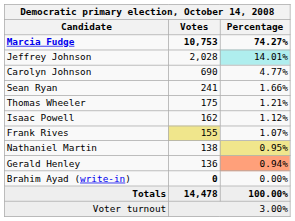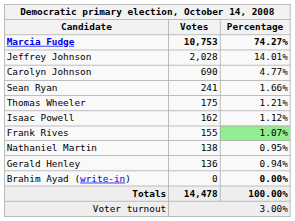 <table class="wikitable" style="font-size:95%;">
 <tr>
 <th colspan="3">Democratic primary election, October 14, 2008</th>
 </tr>
 <tr>
 <th style="width: 17em">Candidate</th>
 <th style="width: 5em">Votes</th>
 <th style="width: 7em">Percentage</th>
 </tr>
 <tr>
 <td><strong><a href='#'>Marcia Fudge</a></strong></td>
 <td align="right"><strong>10,753</strong></td>
 <td align="right"><strong>74.27%</strong></td>
 </tr>
 <tr>
 <td>Jeffrey Johnson</td>
 <td align="right">2,028</td>
-<td align="right" style="background: paleturquoise;">14.01%</td>
+<td align="right">14.01%</td>
 </tr>
 <tr>
 <td>Carolyn Johnson</td>
 <td align="right">690</td>
 <td align="right">4.77%</td>
 </tr>
 <tr>
 <td>Sean Ryan</td>
 <td align="right">241</td>
 <td align="right">1.66%</td>
 </tr>
 <tr>
 <td>Thomas Wheeler</td>
 <td align="right">175</td>
 <td align="right">1.21%</td>
 </tr>
 <tr>
 <td>Isaac Powell</td>
 <td align="right">162</td>
 <td align="right">1.12%</td>
 </tr>
 <tr>
 <td>Frank Rives</td>
-<td align="right" style="background: khaki;">155</td>
-<td align="right">1.07%</td>
+<td align="right">155</td>
+<td align="right" style="background: lightgreen;">1.07%</td>
 </tr>
 <tr>
 <td>Nathaniel Martin</td>
 <td align="right">138</td>
-<td align="right" style="background: khaki;">0.95%</td>
+<td align="right">0.95%</td>
 </tr>
 <tr>
 <td>Gerald Henley</td>
 <td align="right">136</td>
-<td align="right" style="background: lightsalmon;">0.94%</td>
+<td align="right">0.94%</td>
 </tr>
 <tr>
 <td>Brahim Ayad (<a href='#'>write-in</a>)</td>
-<td align="right"><strong>0</strong></td>
-<td align="right">0.00%</td>
+<td align="right">0</td>
+<td align="right"><strong>0.00%</strong></td>
 </tr>
 <tr bgcolor="#EEEEEE">
 <td align="right"><strong>Totals</strong></td>
 <td align="right"><strong>14,478</strong></td>
 <td align="right"><strong>100.00%</strong></td>
 </tr>
 <tr bgcolor="#EEEEEE">
 <td align="right">Voter turnout</td>
 <td colspan="2" align="right">3.00%</td>
 </tr>
 </table>
